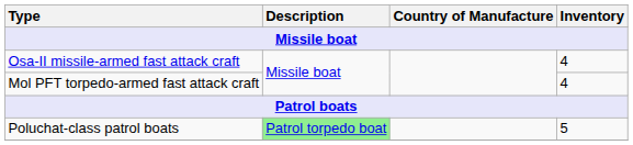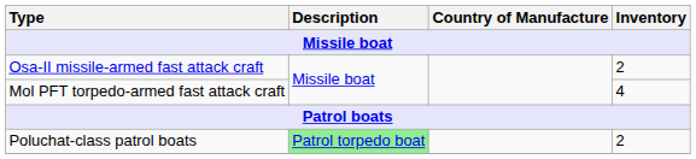 <table class="wikitable">
 <tr>
 <th style="text-align: left;">Type</th>
 <th style="text-align: left;">Description</th>
 <th style="text-align: left;">Country of Manufacture</th>
 <th style="text-align: left;">Inventory</th>
 </tr>
 <tr>
 <th style="align: center; background: lavender;" colspan="4"><strong><a href='#'>Missile boat</a></strong></th>
 </tr>
 <tr>
 <td><a href='#'>Osa-II missile-armed fast attack craft</a></td>
 <td rowspan="2"><a href='#'>Missile boat</a></td>
 <td rowspan="2"></td>
-<td>4</td>
+<td>2</td>
 </tr>
 <tr>
 <td>Mol PFT torpedo-armed fast attack craft</td>
 <td>4</td>
 </tr>
 <tr>
 <th style="align: center; background: lavender;" colspan="4"><strong><a href='#'>Patrol boats</a></strong></th>
 </tr>
 <tr>
 <td>Poluchat-class patrol boats</td>
 <td style="background: lightgreen;"><a href='#'>Patrol torpedo boat</a></td>
 <td></td>
-<td>5</td>
+<td>2</td>
 </tr>
 <tr>
 </tr>
 </table>
